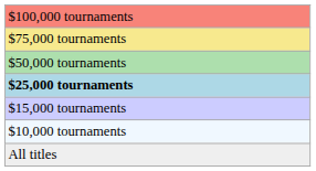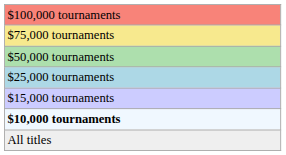 <table class="wikitable" style="font-size:85%; width:15%;">
 <tr style="background:#f88379;">
 <td>$100,000 tournaments</td>
 </tr>
 <tr style="background:#f7e98e;">
 <td>$75,000 tournaments</td>
 </tr>
 <tr style="background:#addfad;">
 <td>$50,000 tournaments</td>
 </tr>
 <tr style="background:lightblue;">
-<td><strong>$25,000 tournaments</strong></td>
+<td>$25,000 tournaments</td>
 </tr>
 <tr style="background:#ccccff;">
 <td>$15,000 tournaments</td>
 </tr>
 <tr style="background:#f0f8ff;">
-<td>$10,000 tournaments</td>
+<td><strong>$10,000 tournaments</strong></td>
 </tr>
 <tr style="background:#efefef;">
 <td>All titles</td>
 </tr>
 </table>
